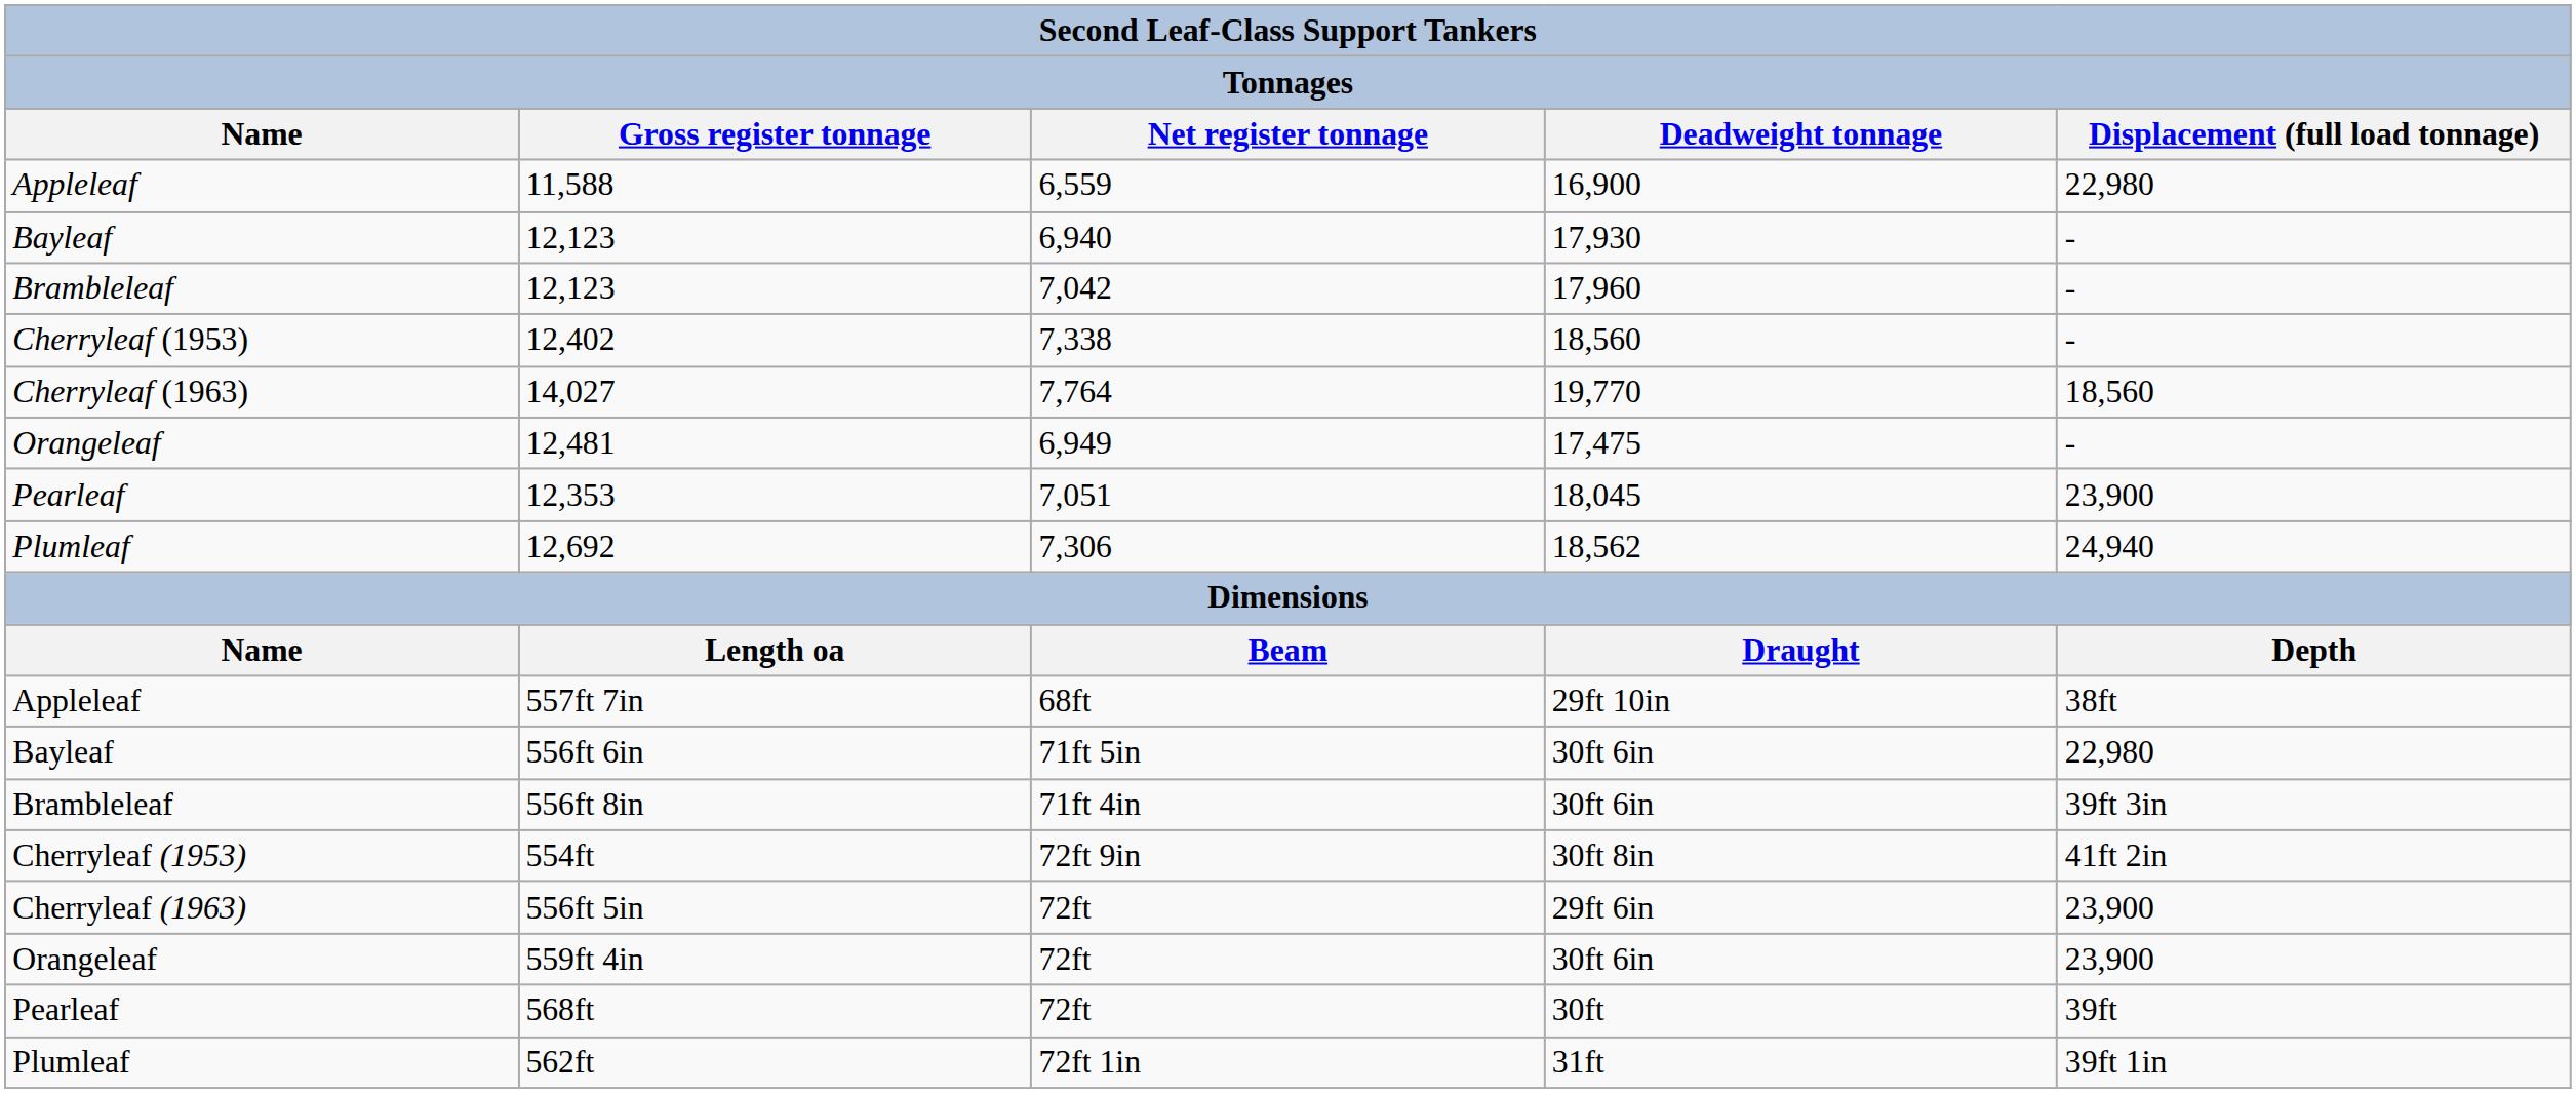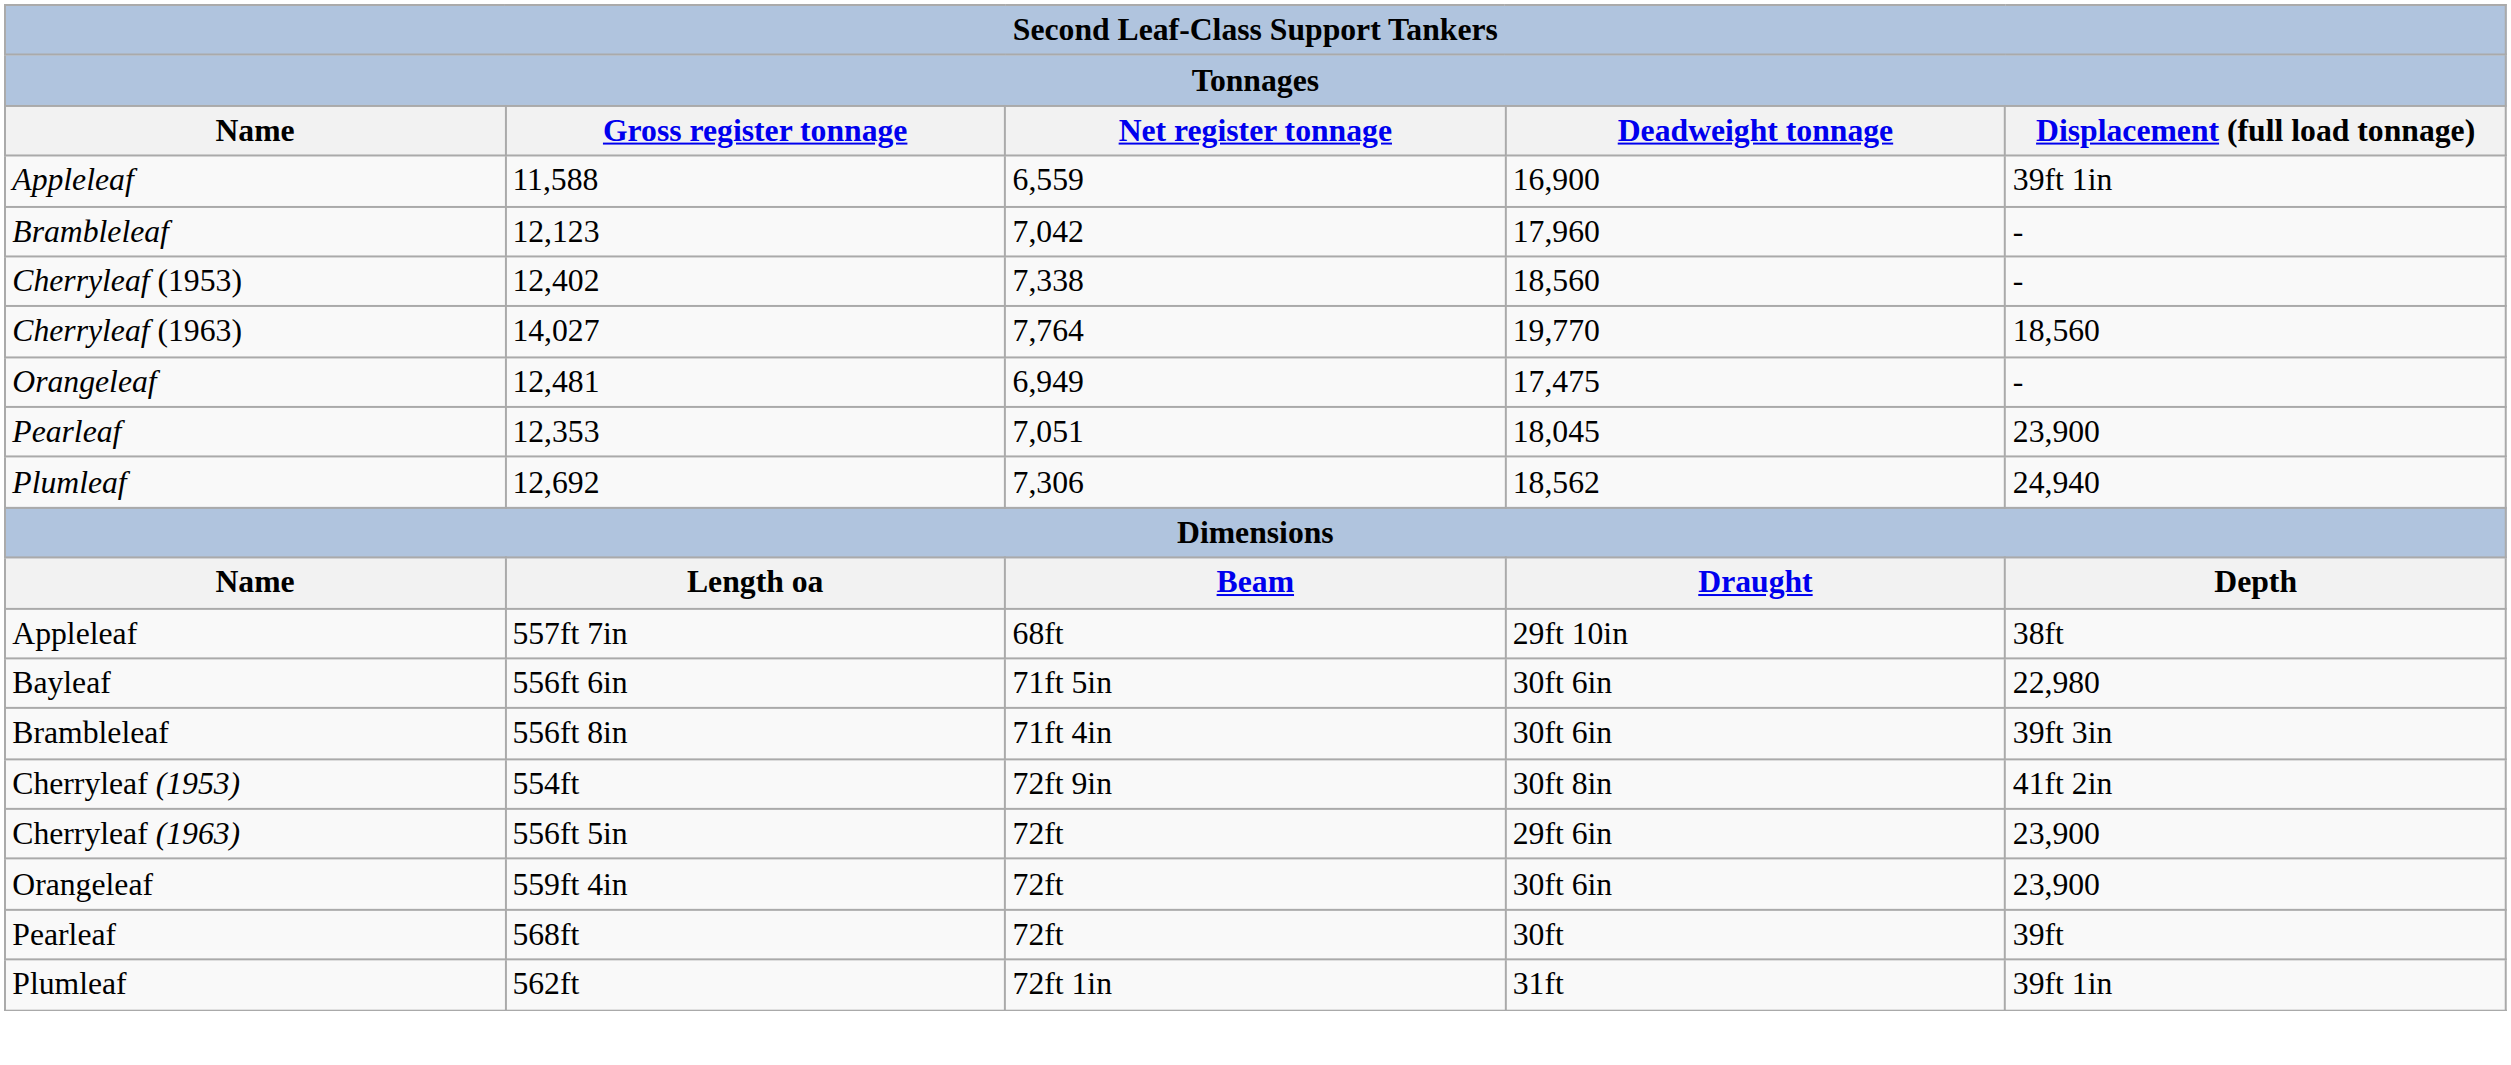 <table class="wikitable" style="margin:auto; width:100%;">
 <tr>
 <th style="align: center; background:#B0C4DE;" colspan="5">Second Leaf-Class Support Tankers</th>
 </tr>
 <tr>
 <th style="align: center; background:#B0C4DE;" colspan="5">Tonnages</th>
 </tr>
 <tr>
 <th style="text-align:center; width:20%;">Name</th>
 <th style="text-align:center; width:20%;"><a href='#'>Gross register tonnage</a></th>
 <th style="text-align:center; width:20%;"><a href='#'>Net register tonnage</a></th>
 <th style="text-align:center; width:20%;"><a href='#'>Deadweight tonnage</a></th>
 <th style="text-align:center; width:20%;"><a href='#'>Displacement</a> (full load tonnage)</th>
 </tr>
 <tr>
 <td><em>Appleleaf</em></td>
 <td>11,588</td>
 <td>6,559</td>
 <td>16,900</td>
-<td>22,980</td>
-</tr>
-<tr>
-<td><em>Bayleaf</em></td>
-<td>12,123</td>
-<td>6,940</td>
-<td>17,930</td>
-<td>-</td>
+<td>39ft 1in</td>
 </tr>
 <tr>
 <td><em>Brambleleaf</em></td>
 <td>12,123</td>
 <td>7,042</td>
 <td>17,960</td>
 <td>-</td>
 </tr>
 <tr>
 <td><em>Cherryleaf</em> (1953)</td>
 <td>12,402</td>
 <td>7,338</td>
 <td>18,560</td>
 <td>-</td>
 </tr>
 <tr>
 <td><em>Cherryleaf</em> (1963)</td>
 <td>14,027</td>
 <td>7,764</td>
 <td>19,770</td>
 <td>18,560</td>
 </tr>
 <tr>
 <td><em>Orangeleaf</em></td>
 <td>12,481</td>
 <td>6,949</td>
 <td>17,475</td>
 <td>-</td>
 </tr>
 <tr>
 <td><em>Pearleaf</em></td>
 <td>12,353</td>
 <td>7,051</td>
 <td>18,045</td>
 <td>23,900</td>
 </tr>
 <tr>
 <td><em>Plumleaf</td>
 <td>12,692</td>
 <td>7,306</td>
 <td>18,562</td>
 <td>24,940</td>
 </tr>
 <tr>
 <th style="align: center; background:#B0C4DE;" colspan="5">Dimensions</th>
 </tr>
 <tr>
 <th style="text-align:center; width:20%;">Name</th>
 <th style="text-align:center; width:20%;">Length oa</th>
 <th style="text-align:center; width:20%;"><a href='#'>Beam</a></th>
 <th style="text-align:center; width:20%;"><a href='#'>Draught</a></th>
 <th style="text-align:center; width:20%;">Depth</th>
 </tr>
 <tr>
 <td></em>Appleleaf<em></td>
 <td>557ft 7in</td>
 <td>68ft</td>
 <td>29ft 10in</td>
 <td>38ft</td>
 </tr>
 <tr>
 <td></em>Bayleaf<em></td>
 <td>556ft 6in</td>
 <td>71ft 5in</td>
 <td>30ft 6in</td>
 <td>22,980</td>
 </tr>
 <tr>
 <td></em>Brambleleaf<em></td>
 <td>556ft 8in</td>
 <td>71ft 4in</td>
 <td>30ft 6in</td>
 <td>39ft 3in</td>
 </tr>
 <tr>
 <td></em>Cherryleaf<em> (1953)</td>
 <td>554ft</td>
 <td>72ft 9in</td>
 <td>30ft 8in</td>
 <td>41ft 2in</td>
 </tr>
 <tr>
 <td></em>Cherryleaf<em> (1963)</td>
 <td>556ft 5in</td>
 <td>72ft</td>
 <td>29ft 6in</td>
 <td>23,900</td>
 </tr>
 <tr>
 <td></em>Orangeleaf<em></td>
 <td>559ft 4in</td>
 <td>72ft</td>
 <td>30ft 6in</td>
 <td>23,900</td>
 </tr>
 <tr>
 <td></em>Pearleaf<em></td>
 <td>568ft</td>
 <td>72ft</td>
 <td>30ft</td>
 <td>39ft</td>
 </tr>
 <tr>
 <td></em>Plumleaf<em></td>
 <td>562ft</td>
 <td>72ft 1in</td>
 <td>31ft</td>
 <td>39ft 1in</td>
 </tr>
 <tr>
 </tr>
 </table>
